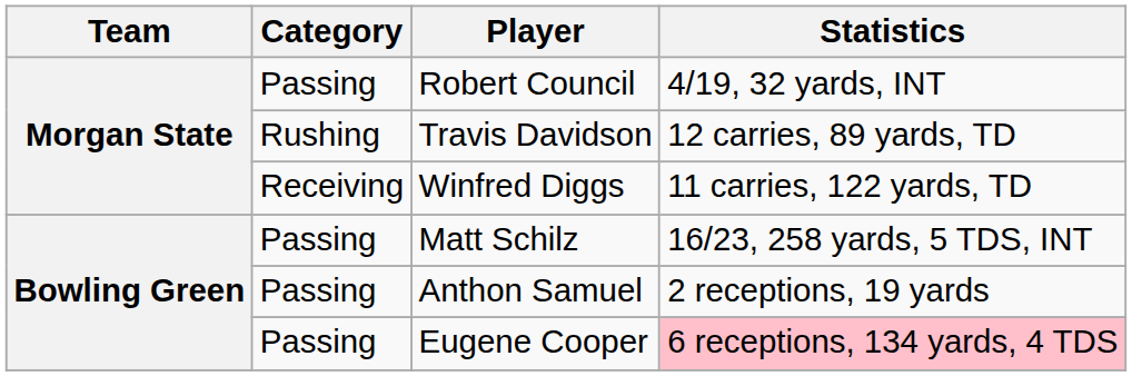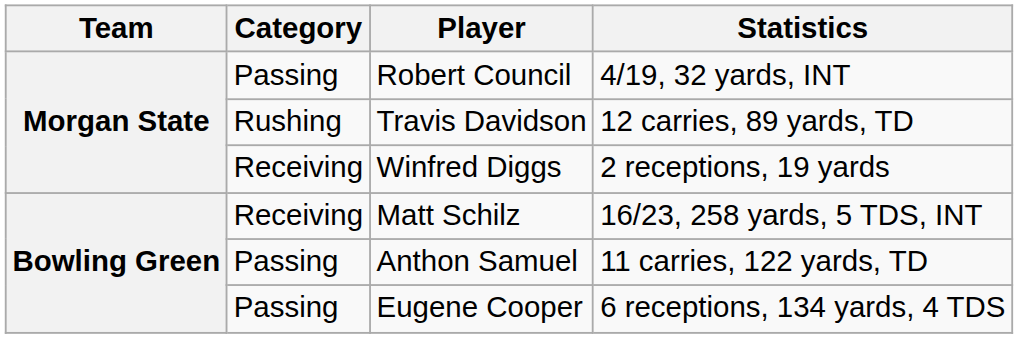 <table class="wikitable" style="float:right">
 <tr>
 <th>Team</th>
 <th>Category</th>
 <th>Player</th>
 <th>Statistics</th>
 </tr>
 <tr>
 <th rowspan=3>Morgan State</th>
 <td>Passing</td>
 <td>Robert Council</td>
 <td>4/19, 32 yards, INT</td>
 </tr>
 <tr>
 <td>Rushing</td>
 <td>Travis Davidson</td>
 <td>12 carries, 89 yards, TD</td>
 </tr>
 <tr>
 <td>Receiving</td>
 <td>Winfred Diggs</td>
-<td>11 carries, 122 yards, TD</td>
+<td>2 receptions, 19 yards</td>
 </tr>
 <tr>
 <th rowspan=3>Bowling Green</th>
-<td>Passing</td>
+<td>Receiving</td>
 <td>Matt Schilz</td>
 <td>16/23, 258 yards, 5 TDS, INT</td>
 </tr>
 <tr>
 <td>Passing</td>
 <td>Anthon Samuel</td>
-<td>2 receptions, 19 yards</td>
+<td>11 carries, 122 yards, TD</td>
 </tr>
 <tr>
 <td>Passing</td>
 <td>Eugene Cooper</td>
-<td style="background: pink;">6 receptions, 134 yards, 4 TDS</td>
+<td>6 receptions, 134 yards, 4 TDS</td>
 </tr>
 </table>
